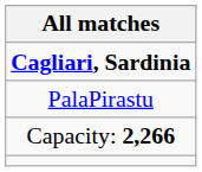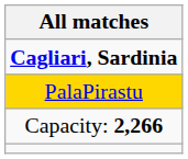 <table class="wikitable" style="text-align:center">
 <tr>
 <th>All matches</th>
 </tr>
 <tr>
 <td><strong><a href='#'>Cagliari</a>, Sardinia</strong></td>
 </tr>
 <tr>
-<td><a href='#'>PalaPirastu</a></td>
+<td style="background: gold;"><a href='#'>PalaPirastu</a></td>
 </tr>
 <tr>
 <td>Capacity: <strong>2,266</strong></td>
 </tr>
 <tr>
 <td></td>
 </tr>
 </table>
